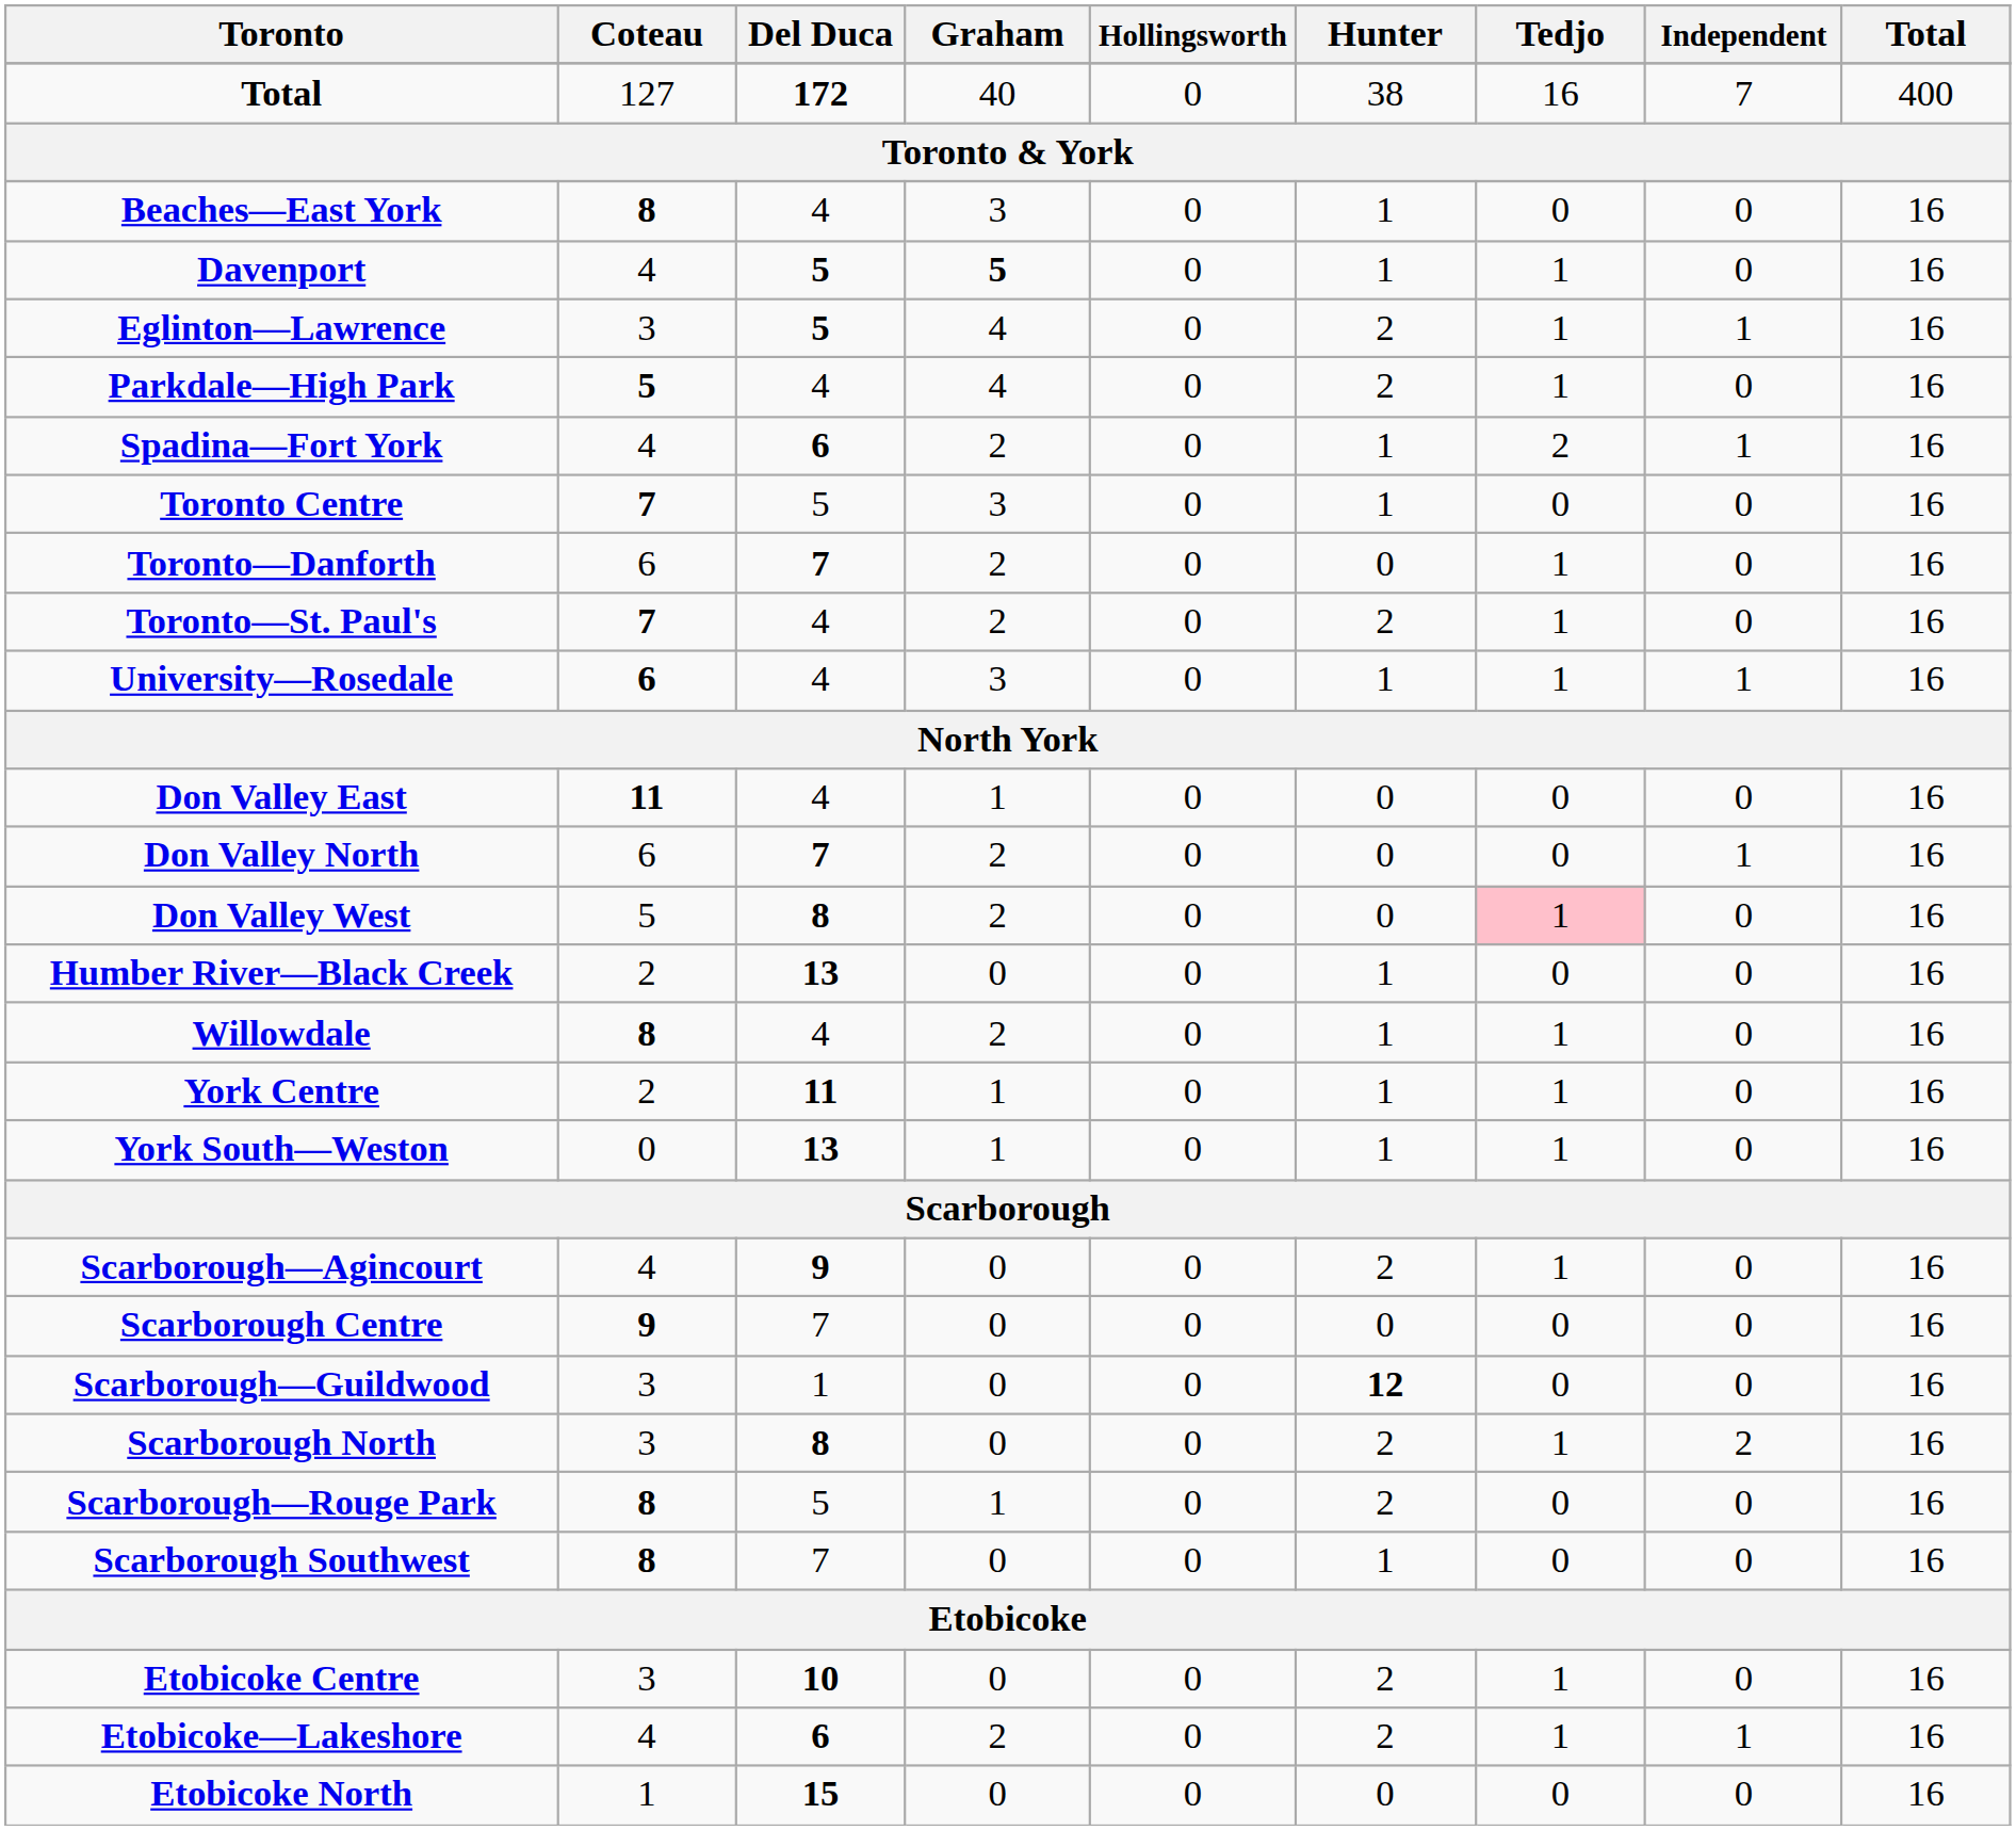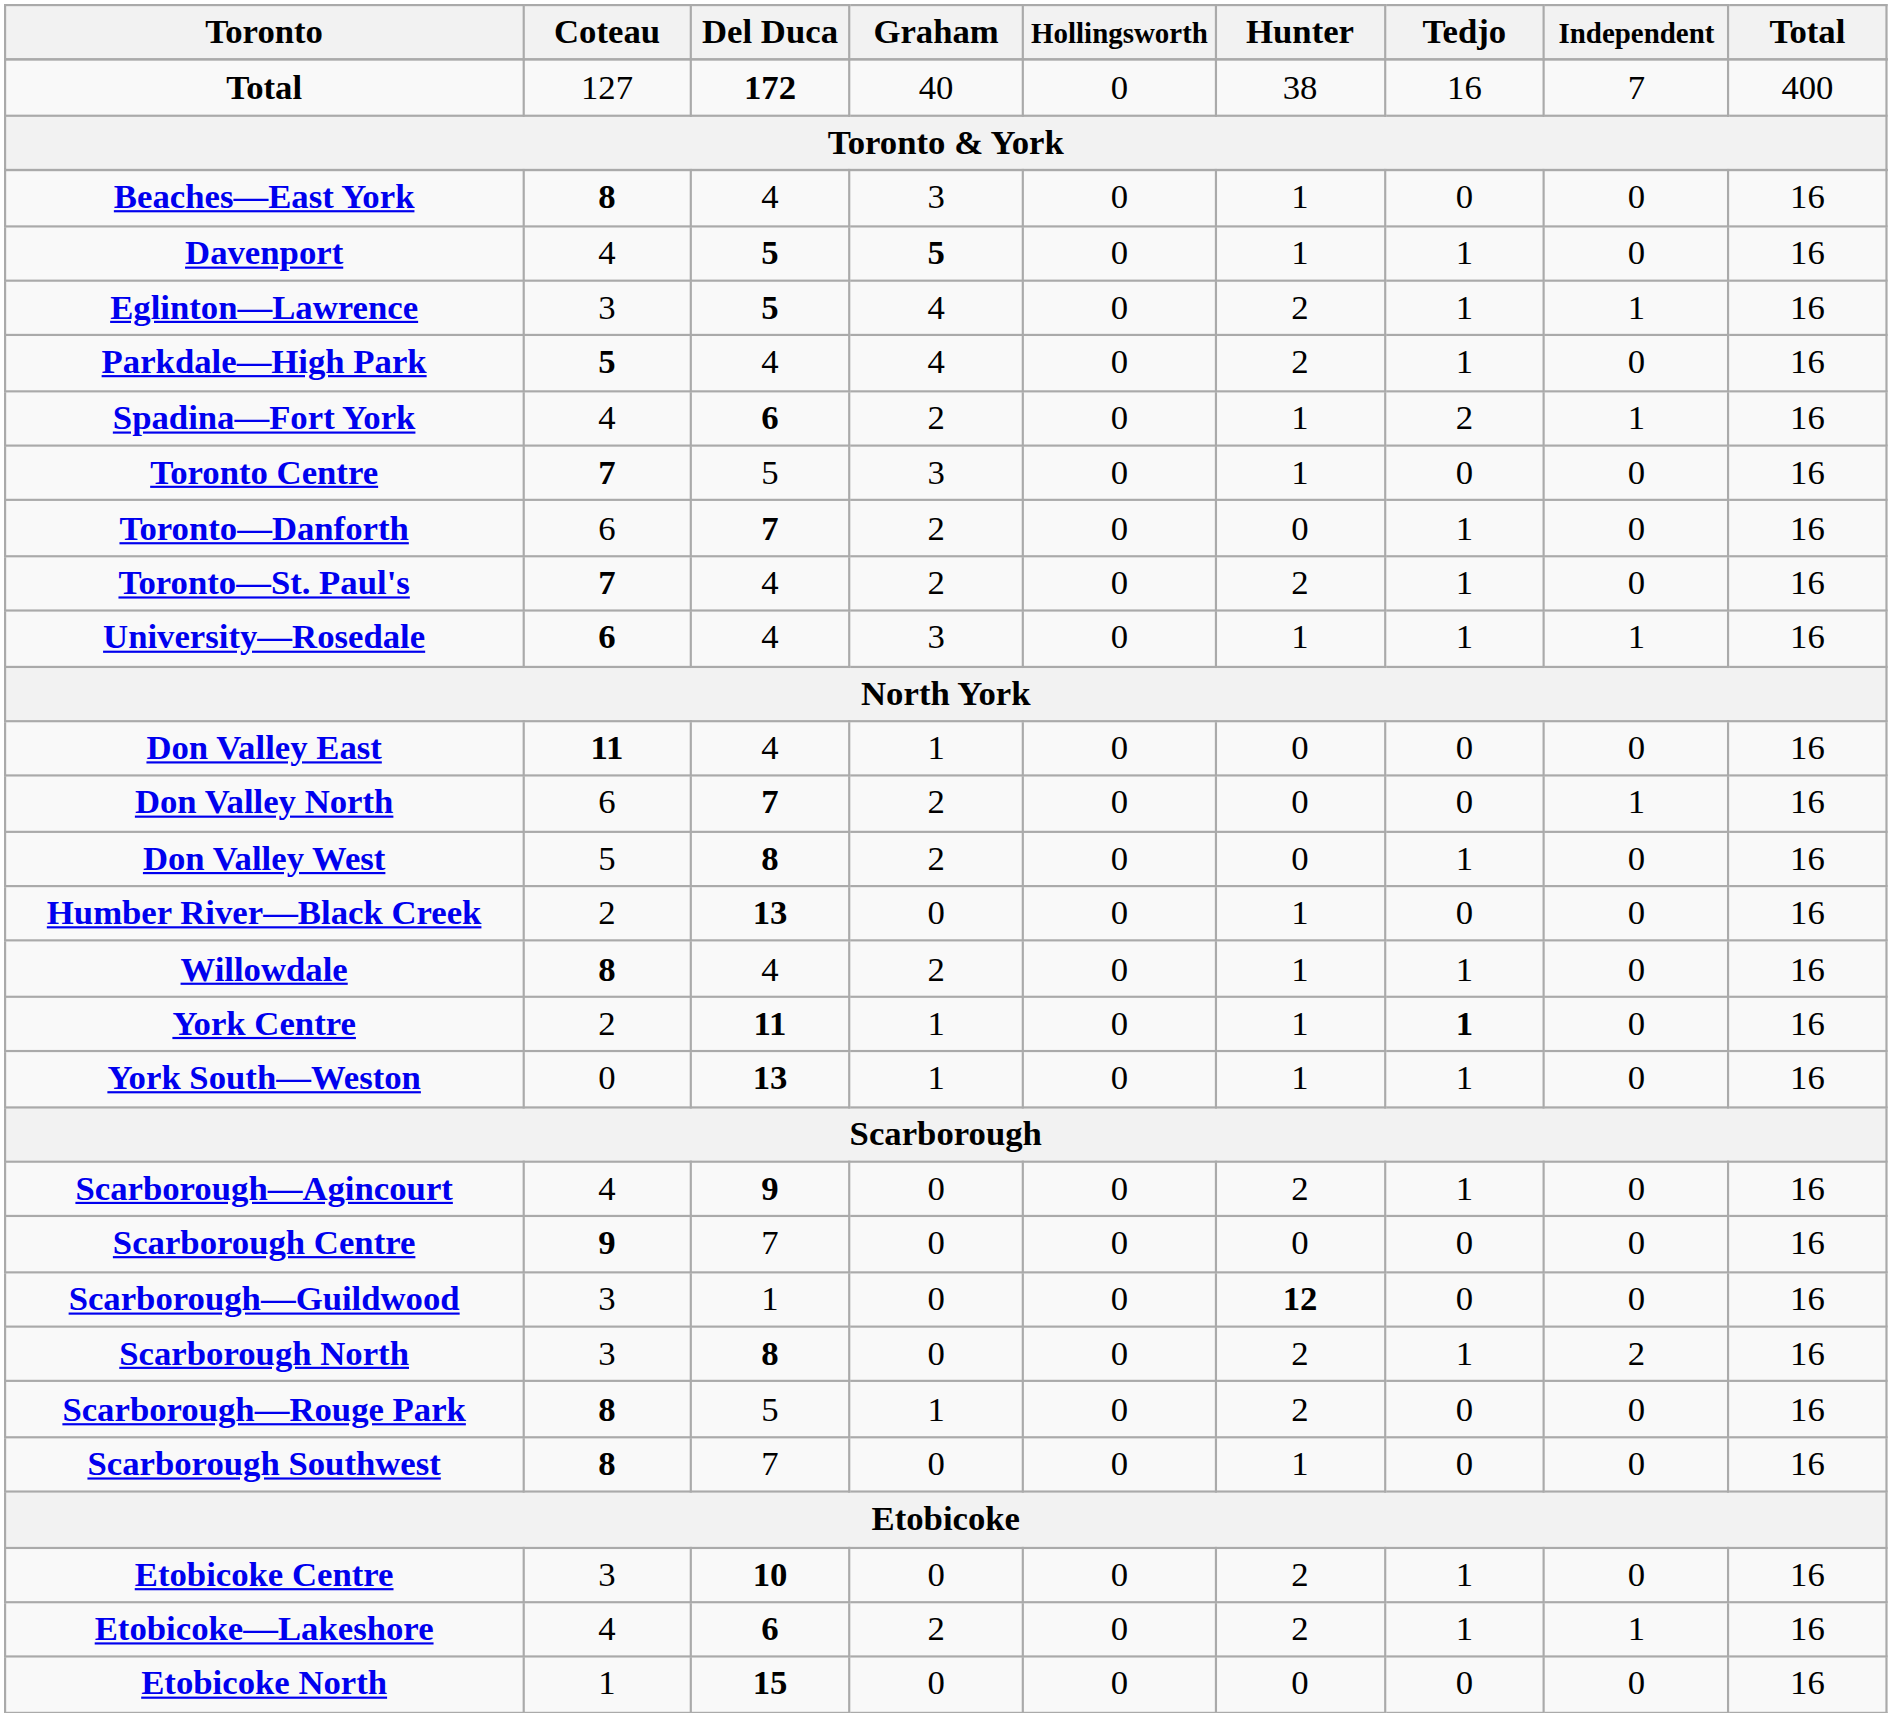 <table class="wikitable mw-collapsible mw-collapsed">
 <tr>
 <th style="width:300px;">Toronto</th>
 <th style="width:80px;">Coteau</th>
 <th style="width:80px;">Del Duca</th>
 <th style="width:80px;">Graham</th>
 <th style="width:80px;"><small>Hollingsworth</small></th>
 <th style="width:80px;">Hunter</th>
 <th style="width:80px;">Tedjo</th>
 <th style="width:80px;"><small>Independent</small></th>
 <th style="width:80px;">Total</th>
 </tr>
 <tr>
 </tr>
 <tr>
 </tr>
 <tr style="text-align:center;">
 <td><strong>Total</strong></td>
 <td>127</td>
 <td><strong>172</strong></td>
 <td>40</td>
 <td>0</td>
 <td>38</td>
 <td>16</td>
 <td>7</td>
 <td>400</td>
 </tr>
 <tr>
 <th colspan = "9">Toronto & York</th>
 </tr>
 <tr>
 </tr>
 <tr style="text-align:center;">
 <td><strong><a href='#'>Beaches—East York</a></strong></td>
 <td><strong>8</strong></td>
 <td>4</td>
 <td>3</td>
 <td>0</td>
 <td>1</td>
 <td>0</td>
 <td>0</td>
 <td>16</td>
 </tr>
 <tr style="text-align:center;">
 <td><strong><a href='#'>Davenport</a></strong></td>
 <td>4</td>
 <td><strong>5</strong></td>
 <td><strong>5</strong></td>
 <td>0</td>
 <td>1</td>
 <td>1</td>
 <td>0</td>
 <td>16</td>
 </tr>
 <tr style="text-align:center;">
 <td><strong><a href='#'>Eglinton—Lawrence</a></strong></td>
 <td>3</td>
 <td><strong>5</strong></td>
 <td>4</td>
 <td>0</td>
 <td>2</td>
 <td>1</td>
 <td>1</td>
 <td>16</td>
 </tr>
 <tr style="text-align:center;">
 <td><strong><a href='#'>Parkdale—High Park</a></strong></td>
 <td><strong>5</strong></td>
 <td>4</td>
 <td>4</td>
 <td>0</td>
 <td>2</td>
 <td>1</td>
 <td>0</td>
 <td>16</td>
 </tr>
 <tr style="text-align:center;">
 <td><strong><a href='#'>Spadina—Fort York</a></strong></td>
 <td>4</td>
 <td><strong>6</strong></td>
 <td>2</td>
 <td>0</td>
 <td>1</td>
 <td>2</td>
 <td>1</td>
 <td>16</td>
 </tr>
 <tr style="text-align:center;">
 <td><strong><a href='#'>Toronto Centre</a></strong></td>
 <td><strong>7</strong></td>
 <td>5</td>
 <td>3</td>
 <td>0</td>
 <td>1</td>
 <td>0</td>
 <td>0</td>
 <td>16</td>
 </tr>
 <tr style="text-align:center;">
 <td><strong><a href='#'>Toronto—Danforth</a></strong></td>
 <td>6</td>
 <td><strong>7</strong></td>
 <td>2</td>
 <td>0</td>
 <td>0</td>
 <td>1</td>
 <td>0</td>
 <td>16</td>
 </tr>
 <tr style="text-align:center;">
 <td><strong><a href='#'>Toronto—St. Paul's</a></strong></td>
 <td><strong>7</strong></td>
 <td>4</td>
 <td>2</td>
 <td>0</td>
 <td>2</td>
 <td>1</td>
 <td>0</td>
 <td>16</td>
 </tr>
 <tr style="text-align:center;">
 <td><strong><a href='#'>University—Rosedale</a></strong></td>
 <td><strong>6</strong></td>
 <td>4</td>
 <td>3</td>
 <td>0</td>
 <td>1</td>
 <td>1</td>
 <td>1</td>
 <td>16</td>
 </tr>
 <tr>
 <th colspan = "9">North York</th>
 </tr>
 <tr style="text-align:center;">
 <td><strong><a href='#'>Don Valley East</a></strong></td>
 <td><strong>11</strong></td>
 <td>4</td>
 <td>1</td>
 <td>0</td>
 <td>0</td>
 <td>0</td>
 <td>0</td>
 <td>16</td>
 </tr>
 <tr style="text-align:center;">
 <td><strong><a href='#'>Don Valley North</a></strong></td>
 <td>6</td>
 <td><strong>7</strong></td>
 <td>2</td>
 <td>0</td>
 <td>0</td>
 <td>0</td>
 <td>1</td>
 <td>16</td>
 </tr>
 <tr style="text-align:center;">
 <td><strong><a href='#'>Don Valley West</a></strong></td>
 <td>5</td>
 <td><strong>8</strong></td>
 <td>2</td>
 <td>0</td>
 <td>0</td>
-<td style="background: pink;">1</td>
+<td>1</td>
 <td>0</td>
 <td>16</td>
 </tr>
 <tr style="text-align:center;">
 <td><strong><a href='#'>Humber River—Black Creek</a></strong></td>
 <td>2</td>
 <td><strong>13</strong></td>
 <td>0</td>
 <td>0</td>
 <td>1</td>
 <td>0</td>
 <td>0</td>
 <td>16</td>
 </tr>
 <tr style="text-align:center;">
 <td><strong><a href='#'>Willowdale</a></strong></td>
 <td><strong>8</strong></td>
 <td>4</td>
 <td>2</td>
 <td>0</td>
 <td>1</td>
 <td>1</td>
 <td>0</td>
 <td>16</td>
 </tr>
 <tr style="text-align:center;">
 <td><strong><a href='#'>York Centre</a></strong></td>
 <td>2</td>
 <td><strong>11</strong></td>
 <td>1</td>
 <td>0</td>
 <td>1</td>
-<td>1</td>
+<td><strong>1</strong></td>
 <td>0</td>
 <td>16</td>
 </tr>
 <tr style="text-align:center;">
 <td><strong><a href='#'>York South—Weston</a></strong></td>
 <td>0</td>
 <td><strong>13</strong></td>
 <td>1</td>
 <td>0</td>
 <td>1</td>
 <td>1</td>
 <td>0</td>
 <td>16</td>
 </tr>
 <tr>
 <th colspan = "9">Scarborough</th>
 </tr>
 <tr style="text-align:center;">
 <td><strong><a href='#'>Scarborough—Agincourt</a></strong></td>
 <td>4</td>
 <td><strong>9</strong></td>
 <td>0</td>
 <td>0</td>
 <td>2</td>
 <td>1</td>
 <td>0</td>
 <td>16</td>
 </tr>
 <tr style="text-align:center;">
 <td><strong><a href='#'>Scarborough Centre</a></strong></td>
 <td><strong>9</strong></td>
 <td>7</td>
 <td>0</td>
 <td>0</td>
 <td>0</td>
 <td>0</td>
 <td>0</td>
 <td>16</td>
 </tr>
 <tr style="text-align:center;">
 <td><strong><a href='#'>Scarborough—Guildwood</a></strong></td>
 <td>3</td>
 <td>1</td>
 <td>0</td>
 <td>0</td>
 <td><strong>12</strong></td>
 <td>0</td>
 <td>0</td>
 <td>16</td>
 </tr>
 <tr style="text-align:center;">
 <td><strong><a href='#'>Scarborough North</a></strong></td>
 <td>3</td>
 <td><strong>8</strong></td>
 <td>0</td>
 <td>0</td>
 <td>2</td>
 <td>1</td>
 <td>2</td>
 <td>16</td>
 </tr>
 <tr style="text-align:center;">
 <td><strong><a href='#'>Scarborough—Rouge Park</a></strong></td>
 <td><strong>8</strong></td>
 <td>5</td>
 <td>1</td>
 <td>0</td>
 <td>2</td>
 <td>0</td>
 <td>0</td>
 <td>16</td>
 </tr>
 <tr style="text-align:center;">
 <td><strong><a href='#'>Scarborough Southwest</a></strong></td>
 <td><strong>8</strong></td>
 <td>7</td>
 <td>0</td>
 <td>0</td>
 <td>1</td>
 <td>0</td>
 <td>0</td>
 <td>16</td>
 </tr>
 <tr>
 <th colspan = "9">Etobicoke</th>
 </tr>
 <tr style="text-align:center;">
 <td><strong><a href='#'>Etobicoke Centre</a></strong></td>
 <td>3</td>
 <td><strong>10</strong></td>
 <td>0</td>
 <td>0</td>
 <td>2</td>
 <td>1</td>
 <td>0</td>
 <td>16</td>
 </tr>
 <tr style="text-align:center;">
 <td><strong><a href='#'>Etobicoke—Lakeshore</a></strong></td>
 <td>4</td>
 <td><strong>6</strong></td>
 <td>2</td>
 <td>0</td>
 <td>2</td>
 <td>1</td>
 <td>1</td>
 <td>16</td>
 </tr>
 <tr style="text-align:center;">
 <td><strong><a href='#'>Etobicoke North</a></strong></td>
 <td>1</td>
 <td><strong>15</strong></td>
 <td>0</td>
 <td>0</td>
 <td>0</td>
 <td>0</td>
 <td>0</td>
 <td>16</td>
 </tr>
 </table>
